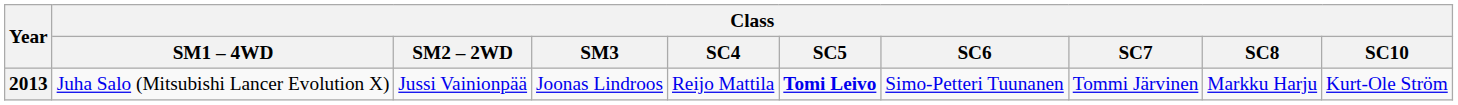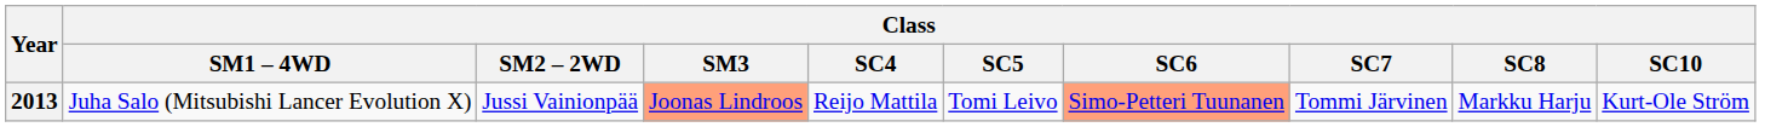 <table class="wikitable" style="font-size: 95%">
 <tr>
 <th rowspan="2">Year</th>
 <th colspan="9">Class</th>
 </tr>
 <tr>
 <th>SM1 – 4WD</th>
 <th>SM2 – 2WD</th>
 <th>SM3</th>
 <th>SC4</th>
 <th>SC5</th>
 <th>SC6</th>
 <th>SC7</th>
 <th>SC8</th>
 <th>SC10</th>
 </tr>
 <tr>
 <th>2013</th>
 <td><a href='#'>Juha Salo</a> (Mitsubishi Lancer Evolution X)</td>
 <td><a href='#'>Jussi Vainionpää</a></td>
-<td><a href='#'>Joonas Lindroos</a></td>
+<td style="background: lightsalmon;"><a href='#'>Joonas Lindroos</a></td>
 <td><a href='#'>Reijo Mattila</a></td>
-<td><strong><a href='#'>Tomi Leivo</a></strong></td>
-<td><a href='#'>Simo-Petteri Tuunanen</a></td>
+<td><a href='#'>Tomi Leivo</a></td>
+<td style="background: lightsalmon;"><a href='#'>Simo-Petteri Tuunanen</a></td>
 <td><a href='#'>Tommi Järvinen</a></td>
 <td><a href='#'>Markku Harju</a></td>
 <td><a href='#'>Kurt-Ole Ström</a></td>
 </tr>
 </table>
